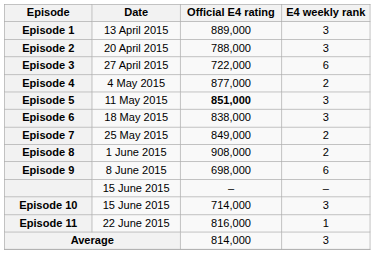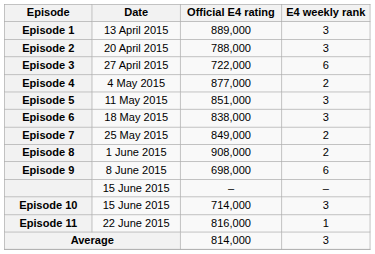 <table class="wikitable sortable" style="text-align:center">
 <tr>
 <th scope="col" style="width:120px;">Episode</th>
 <th scope="col" style="width:120px;">Date</th>
 <th scope="col" style="width:140px;">Official E4 rating</th>
 <th scope="col" style="width:120px;">E4 weekly rank</th>
 </tr>
 <tr>
 <th scope="row">Episode 1</th>
 <td>13 April 2015</td>
 <td>889,000</td>
 <td>3</td>
 </tr>
 <tr>
 <th scope="row">Episode 2</th>
 <td>20 April 2015</td>
 <td>788,000</td>
 <td>3</td>
 </tr>
 <tr>
 <th scope="row">Episode 3</th>
 <td>27 April 2015</td>
 <td>722,000</td>
 <td>6</td>
 </tr>
 <tr>
 <th scope="row">Episode 4</th>
 <td>4 May 2015</td>
 <td>877,000</td>
 <td>2</td>
 </tr>
 <tr>
 <th scope="row">Episode 5</th>
 <td>11 May 2015</td>
-<td><strong>851,000</strong></td>
+<td>851,000</td>
 <td>3</td>
 </tr>
 <tr>
 <th scope="row">Episode 6</th>
 <td>18 May 2015</td>
 <td>838,000</td>
 <td>3</td>
 </tr>
 <tr>
 <th scope="row">Episode 7</th>
 <td>25 May 2015</td>
 <td>849,000</td>
 <td>2</td>
 </tr>
 <tr>
 <th scope="row">Episode 8</th>
 <td>1 June 2015</td>
 <td>908,000</td>
 <td>2</td>
 </tr>
 <tr>
 <th scope="row">Episode 9</th>
 <td>8 June 2015</td>
 <td>698,000</td>
 <td>6</td>
 </tr>
 <tr>
 <th scope="row"></th>
 <td>15 June 2015</td>
 <td>–</td>
 <td>–</td>
 </tr>
 <tr>
 <th scope="row">Episode 10</th>
 <td>15 June 2015</td>
 <td>714,000</td>
 <td>3</td>
 </tr>
 <tr>
 <th scope="row">Episode 11</th>
 <td>22 June 2015</td>
 <td>816,000</td>
 <td>1</td>
 </tr>
 <tr>
 <th scope="row" colspan="2">Average</th>
 <td>814,000</td>
 <td>3</td>
 </tr>
 <tr>
 </tr>
 </table>
